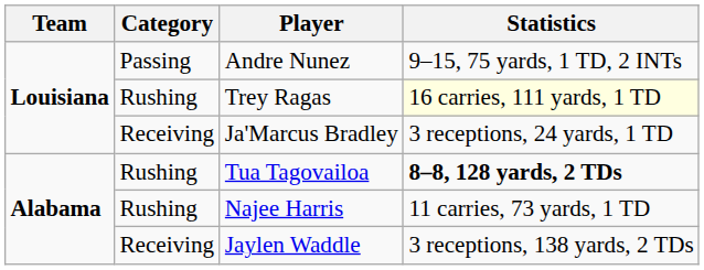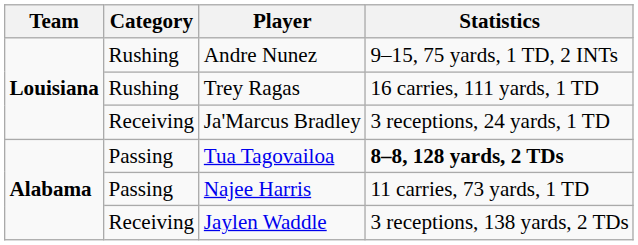 <table class="wikitable" style="float: left;">
 <tr>
 <th>Team</th>
 <th>Category</th>
 <th>Player</th>
 <th>Statistics</th>
 </tr>
 <tr>
 <td rowspan=3><strong>Louisiana</strong></td>
-<td>Passing</td>
+<td>Rushing</td>
 <td>Andre Nunez</td>
 <td>9–15, 75 yards, 1 TD, 2 INTs</td>
 </tr>
 <tr>
 <td>Rushing</td>
 <td>Trey Ragas</td>
-<td style="background: lightyellow;">16 carries, 111 yards, 1 TD</td>
+<td>16 carries, 111 yards, 1 TD</td>
 </tr>
 <tr>
 <td>Receiving</td>
 <td>Ja'Marcus Bradley</td>
 <td>3 receptions, 24 yards, 1 TD</td>
 </tr>
 <tr>
 <td rowspan=3><strong>Alabama</strong></td>
-<td>Rushing</td>
+<td>Passing</td>
 <td><a href='#'>Tua Tagovailoa</a></td>
 <td><strong>8–8, 128 yards, 2 TDs</strong></td>
 </tr>
 <tr>
-<td>Rushing</td>
+<td>Passing</td>
 <td><a href='#'>Najee Harris</a></td>
 <td>11 carries, 73 yards, 1 TD</td>
 </tr>
 <tr>
 <td>Receiving</td>
 <td><a href='#'>Jaylen Waddle</a></td>
 <td>3 receptions, 138 yards, 2 TDs</td>
 </tr>
 </table>
